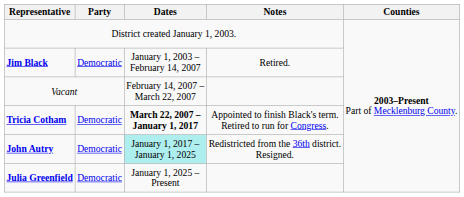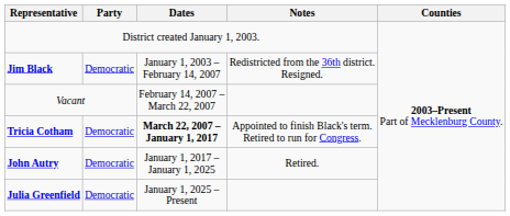 <table class=wikitable style="text-align:center">
 <tr>
 <th>Representative</th>
 <th>Party</th>
 <th>Dates</th>
 <th>Notes</th>
 <th>Counties</th>
 </tr>
 <tr style="height:3em">
 <td colspan=4>District created January 1, 2003.</td>
 <td rowspan=6><strong>2003–Present</strong> <br> Part of <a href='#'>Mecklenburg County</a>.</td>
 </tr>
 <tr style="height:3em">
 <td align=left><strong><a href='#'>Jim Black</a></strong></td>
 <td><a href='#'>Democratic</a></td>
 <td nowrap>January 1, 2003 – <br> February 14, 2007</td>
-<td>Retired.</td>
+<td>Redistricted from the <a href='#'>36th</a> district. <br> Resigned.</td>
 </tr>
 <tr style="height:3em">
 <td colspan=2><em>Vacant</em></td>
 <td nowrap>February 14, 2007 – <br> March 22, 2007</td>
 <td></td>
 </tr>
 <tr style="height:3em">
 <td align=left><strong><a href='#'>Tricia Cotham</a></strong></td>
 <td><a href='#'>Democratic</a></td>
 <td nowrap><strong>March 22, 2007 – <br> January 1, 2017</strong></td>
 <td>Appointed to finish Black's term. <br> Retired to run for <a href='#'>Congress</a>.</td>
 </tr>
 <tr style="height:3em">
 <td align=left><strong><a href='#'>John Autry</a></strong></td>
 <td><a href='#'>Democratic</a></td>
-<td nowrap style="background: paleturquoise;">January 1, 2017 – <br> January 1, 2025</td>
-<td>Redistricted from the <a href='#'>36th</a> district. <br> Resigned.</td>
+<td nowrap>January 1, 2017 – <br> January 1, 2025</td>
+<td>Retired.</td>
 </tr>
 <tr style="height:3em">
 <td align=left><strong><a href='#'>Julia Greenfield</a></strong></td>
 <td><a href='#'>Democratic</a></td>
 <td nowrap>January 1, 2025 – <br> Present</td>
 <td></td>
 </tr>
 </table>
